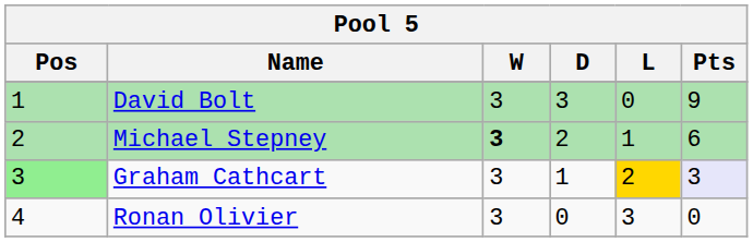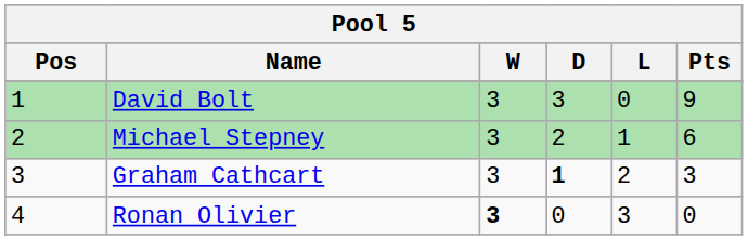 <table class="wikitable">
 <tr>
 <th colspan="6">Pool 5</th>
 </tr>
 <tr>
 <th width=50>Pos</th>
 <th width=200>Name</th>
 <th width=30>W</th>
 <th width=30>D</th>
 <th width=30>L</th>
 <th width=30>Pts</th>
 </tr>
 <tr>
 </tr>
 <tr style="background:#ACE1AF;">
 <td>1</td>
 <td> <a href='#'>David Bolt</a></td>
 <td>3</td>
 <td>3</td>
 <td>0</td>
 <td>9</td>
 </tr>
 <tr style="background:#ACE1AF;">
 <td>2</td>
 <td> <a href='#'>Michael Stepney</a></td>
-<td><strong>3</strong></td>
+<td>3</td>
 <td>2</td>
 <td>1</td>
 <td>6</td>
 </tr>
 <tr>
-<td style="background: lightgreen;">3</td>
+<td>3</td>
 <td> <a href='#'>Graham Cathcart</a></td>
 <td>3</td>
-<td>1</td>
-<td style="background: gold;">2</td>
-<td style="background: lavender;">3</td>
+<td><strong>1</strong></td>
+<td>2</td>
+<td>3</td>
 </tr>
 <tr>
 <td>4</td>
 <td> <a href='#'>Ronan Olivier</a></td>
-<td>3</td>
+<td><strong>3</strong></td>
 <td>0</td>
 <td>3</td>
 <td>0</td>
 </tr>
 </table>
